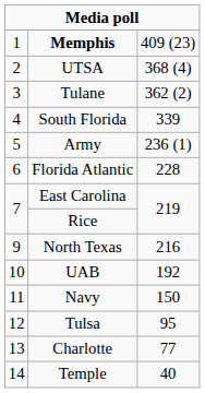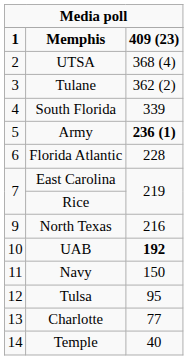 <table class="wikitable">
 <tr align="center">
 <td align="center" Colspan="3"><strong>Media poll</strong></td>
 </tr>
 <tr align="center">
 </tr>
 <tr align="center">
-<td>1</td>
+<td><strong>1</strong></td>
 <td><strong>Memphis</strong></td>
-<td>409 (23)</td>
+<td><strong>409 (23)</strong></td>
 </tr>
 <tr align="center">
 <td>2</td>
 <td>UTSA</td>
 <td>368 (4)</td>
 </tr>
 <tr align="center">
 <td>3</td>
 <td>Tulane</td>
 <td>362 (2)</td>
 </tr>
 <tr align="center">
 <td>4</td>
 <td>South Florida</td>
 <td>339</td>
 </tr>
 <tr align="center">
 <td>5</td>
 <td>Army</td>
-<td>236 (1)</td>
+<td><strong>236 (1)</strong></td>
 </tr>
 <tr align="center">
 <td>6</td>
 <td>Florida Atlantic</td>
 <td>228</td>
 </tr>
 <tr align="center">
 <td rowspan="2">7</td>
 <td>East Carolina</td>
 <td rowspan="2">219</td>
 </tr>
 <tr align="center">
 <td>Rice</td>
 </tr>
 <tr align="center">
 <td>9</td>
 <td>North Texas</td>
 <td>216</td>
 </tr>
 <tr align="center">
 <td>10</td>
 <td>UAB</td>
-<td>192</td>
+<td><strong>192</strong></td>
 </tr>
 <tr align="center">
 <td>11</td>
 <td>Navy</td>
 <td>150</td>
 </tr>
 <tr align="center">
 <td>12</td>
 <td>Tulsa</td>
 <td>95</td>
 </tr>
 <tr align="center">
 <td>13</td>
 <td>Charlotte</td>
 <td>77</td>
 </tr>
 <tr align="center">
 <td>14</td>
 <td>Temple</td>
 <td>40</td>
 </tr>
 </table>
